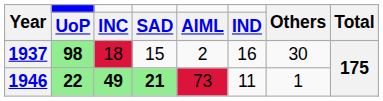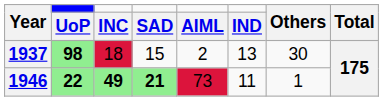 <table class="wikitable" style="text-align:center">
 <tr>
 <th rowspan=2>Year</th>
 <td bgcolor=blue></td>
 <td></td>
 <td></td>
 <td></td>
 <td></td>
 <th rowspan=2>Others</th>
 <th rowspan=2>Total</th>
 </tr>
 <tr>
 <th><a href='#'>UoP</a></th>
 <th><a href='#'>INC</a></th>
 <th><a href='#'>SAD</a></th>
 <th><a href='#'>AIML</a></th>
 <th><a href='#'>IND</a></th>
 </tr>
 <tr>
 <th><a href='#'>1937</a></th>
 <td style="background:lightgreen;"><strong>98</strong></td>
 <td style="background:crimson;">18</td>
 <td>15</td>
 <td>2</td>
-<td>16</td>
+<td>13</td>
 <td>30</td>
 <th rowspan=2>175</th>
 </tr>
 <tr>
 <th><a href='#'>1946</a></th>
 <td style="background:lightgreen;"><strong>22</strong></td>
 <td style="background:lightgreen;"><strong>49</strong></td>
 <td style="background:lightgreen;"><strong>21</strong></td>
 <td style="background:crimson;">73</td>
 <td>11</td>
 <td>1</td>
 </tr>
 </table>
